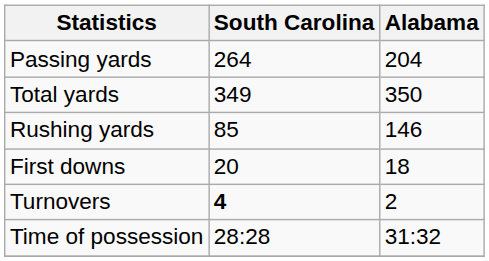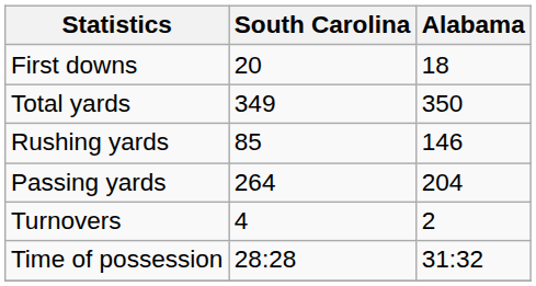 <table class="wikitable" style="float: left;">
 <tr>
 <th>Statistics</th>
 <th style=>South Carolina</th>
 <th>Alabama</th>
 </tr>
 <tr>
-<td>Passing yards</td>
-<td>264</td>
-<td>204</td>
+<td>First downs</td>
+<td>20</td>
+<td>18</td>
 </tr>
 <tr>
 <td>Total yards</td>
 <td>349</td>
 <td>350</td>
 </tr>
 <tr>
 <td>Rushing yards</td>
 <td>85</td>
 <td>146</td>
 </tr>
 <tr>
-<td>First downs</td>
-<td>20</td>
-<td>18</td>
+<td>Passing yards</td>
+<td>264</td>
+<td>204</td>
 </tr>
 <tr>
 <td>Turnovers</td>
-<td><strong>4</strong></td>
+<td>4</td>
 <td>2</td>
 </tr>
 <tr>
 <td>Time of possession</td>
 <td>28:28</td>
 <td>31:32</td>
 </tr>
 <tr>
 </tr>
 </table>
